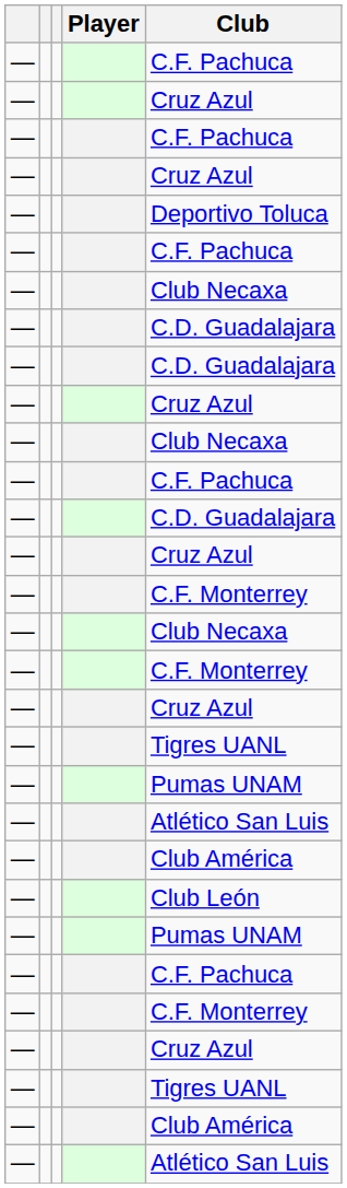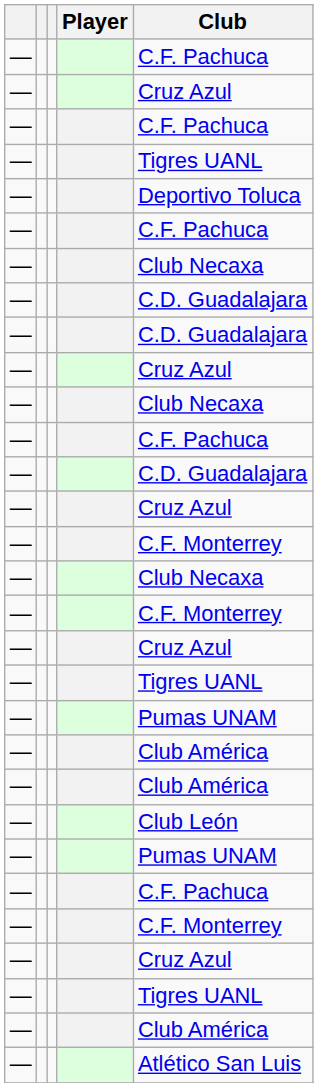 <table class="wikitable plainrowheaders sortable" style="text-align:center;">
 <tr>
 <th scope=col></th>
 <th scope=col></th>
 <th scope=col></th>
 <th scope=col>Player</th>
 <th scope=col>Club</th>
 </tr>
 <tr>
 <td>—</td>
 <td><a href='#'></a></td>
 <td></td>
 <th scope=row style="text-align:left; background:#ddffdd"> </th>
 <td align=left><a href='#'>C.F. Pachuca</a></td>
 </tr>
 <tr>
 <td>—</td>
 <td><a href='#'></a></td>
 <td></td>
 <th scope=row style="text-align:left; background:#ddffdd"> </th>
 <td align=left><a href='#'>Cruz Azul</a></td>
 </tr>
 <tr>
 <td>—</td>
 <td><a href='#'></a></td>
 <td></td>
 <th scope=row align=left></th>
 <td align=left><a href='#'>C.F. Pachuca</a></td>
 </tr>
 <tr>
 <td>—</td>
 <td><a href='#'></a></td>
 <td></td>
 <th scope=row align=left></th>
-<td align=left><a href='#'>Cruz Azul</a></td>
+<td align=left><a href='#'>Tigres UANL</a></td>
 </tr>
 <tr>
 <td>—</td>
 <td><a href='#'></a></td>
 <td></td>
 <th scope=row align=left></th>
 <td align=left><a href='#'>Deportivo Toluca</a></td>
 </tr>
 <tr>
 <td>—</td>
 <td><a href='#'></a></td>
 <td></td>
 <th scope=row align=left></th>
 <td align=left><a href='#'>C.F. Pachuca</a></td>
 </tr>
 <tr>
 <td>—</td>
 <td><a href='#'></a></td>
 <td></td>
 <th scope=row align=left></th>
 <td align=left><a href='#'>Club Necaxa</a></td>
 </tr>
 <tr>
 <td>—</td>
 <td><a href='#'></a></td>
 <td></td>
 <th scope=row align=left></th>
 <td align=left><a href='#'>C.D. Guadalajara</a></td>
 </tr>
 <tr>
 <td>—</td>
 <td><a href='#'></a></td>
 <td></td>
 <th scope=row align=left></th>
 <td align=left><a href='#'>C.D. Guadalajara</a></td>
 </tr>
 <tr>
 <td>—</td>
 <td><a href='#'></a></td>
 <td></td>
 <th scope=row style="text-align:left; background:#ddffdd"> </th>
 <td align=left><a href='#'>Cruz Azul</a></td>
 </tr>
 <tr>
 <td>—</td>
 <td><a href='#'></a></td>
 <td></td>
 <th scope=row align=left></th>
 <td align=left><a href='#'>Club Necaxa</a></td>
 </tr>
 <tr>
 <td>—</td>
 <td><a href='#'></a></td>
 <td></td>
 <th scope=row align=left></th>
 <td align=left><a href='#'>C.F. Pachuca</a></td>
 </tr>
 <tr>
 <td>—</td>
 <td><a href='#'></a></td>
 <td></td>
 <th scope=row style="text-align:left; background:#ddffdd"> </th>
 <td align=left><a href='#'>C.D. Guadalajara</a></td>
 </tr>
 <tr>
 <td>—</td>
 <td><a href='#'></a></td>
 <td></td>
 <th scope=row align=left></th>
 <td align=left><a href='#'>Cruz Azul</a></td>
 </tr>
 <tr>
 <td>—</td>
 <td><a href='#'></a></td>
 <td></td>
 <th scope=row align=left></th>
 <td align=left><a href='#'>C.F. Monterrey</a></td>
 </tr>
 <tr>
 <td>—</td>
 <td><a href='#'></a></td>
 <td></td>
 <th scope=row style="text-align:left; background:#ddffdd"> </th>
 <td align=left><a href='#'>Club Necaxa</a></td>
 </tr>
 <tr>
 <td>—</td>
 <td><a href='#'></a></td>
 <td></td>
 <th scope=row style="text-align:left; background:#ddffdd"> </th>
 <td align=left><a href='#'>C.F. Monterrey</a></td>
 </tr>
 <tr>
 <td>—</td>
 <td><a href='#'></a></td>
 <td></td>
 <th scope=row align=left></th>
 <td align=left><a href='#'>Cruz Azul</a></td>
 </tr>
 <tr>
 <td>—</td>
 <td><a href='#'></a></td>
 <td></td>
 <th scope=row align=left></th>
 <td align=left><a href='#'>Tigres UANL</a></td>
 </tr>
 <tr>
 <td>—</td>
 <td><a href='#'></a></td>
 <td></td>
 <th scope=row style="text-align:left; background:#ddffdd"> </th>
 <td align=left><a href='#'>Pumas UNAM</a></td>
 </tr>
 <tr>
 <td>—</td>
 <td><a href='#'></a></td>
 <td></td>
 <th scope=row align=left></th>
-<td align=left><a href='#'>Atlético San Luis</a></td>
+<td align=left><a href='#'>Club América</a></td>
 </tr>
 <tr>
 <td>—</td>
 <td><a href='#'></a></td>
 <td></td>
 <th scope=row align=left></th>
 <td align=left><a href='#'>Club América</a></td>
 </tr>
 <tr>
 <td>—</td>
 <td><a href='#'></a></td>
 <td></td>
 <th scope=row style="text-align:left; background:#ddffdd"> </th>
 <td align=left><a href='#'>Club León</a></td>
 </tr>
 <tr>
 <td>—</td>
 <td><a href='#'></a></td>
 <td></td>
 <th scope=row style="text-align:left; background:#ddffdd"> </th>
 <td align=left><a href='#'>Pumas UNAM</a></td>
 </tr>
 <tr>
 <td>—</td>
 <td><a href='#'></a></td>
 <td></td>
 <th scope=row align=left></th>
 <td align=left><a href='#'>C.F. Pachuca</a></td>
 </tr>
 <tr>
 <td>—</td>
 <td><a href='#'></a></td>
 <td></td>
 <th scope=row align=left></th>
 <td align=left><a href='#'>C.F. Monterrey</a></td>
 </tr>
 <tr>
 <td>—</td>
 <td><a href='#'></a></td>
 <td></td>
 <th scope=row align=left></th>
 <td align=left><a href='#'>Cruz Azul</a></td>
 </tr>
 <tr>
 <td>—</td>
 <td><a href='#'></a></td>
 <td></td>
 <th scope=row align=left></th>
 <td align=left><a href='#'>Tigres UANL</a></td>
 </tr>
 <tr>
 <td>—</td>
 <td><a href='#'></a></td>
 <td></td>
 <th scope=row align=left></th>
 <td align=left><a href='#'>Club América</a></td>
 </tr>
 <tr>
 <td>—</td>
 <td><a href='#'></a></td>
 <td></td>
 <th scope=row style="text-align:left; background:#ddffdd"> </th>
 <td align=left><a href='#'>Atlético San Luis</a></td>
 </tr>
 </table>
